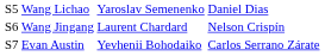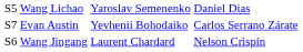 <table>
 <tr>
 <td>S5</td>
 <td><a href='#'>Wang Lichao</a><br></td>
 <td><a href='#'>Yaroslav Semenenko</a><br></td>
 <td><a href='#'>Daniel Dias</a><br></td>
 </tr>
 <tr>
+<td>S7</td>
+<td><a href='#'>Evan Austin</a><br></td>
+<td><a href='#'>Yevhenii Bohodaiko</a><br></td>
+<td><a href='#'>Carlos Serrano Zárate</a><br></td>
+</tr>
+<tr>
 <td>S6</td>
 <td><a href='#'>Wang Jingang</a><br></td>
 <td><a href='#'>Laurent Chardard</a><br></td>
 <td><a href='#'>Nelson Crispín</a><br></td>
 </tr>
-<tr>
-<td>S7</td>
-<td><a href='#'>Evan Austin</a><br></td>
-<td><a href='#'>Yevhenii Bohodaiko</a><br></td>
-<td><a href='#'>Carlos Serrano Zárate</a><br></td>
-</tr>
 </table>
